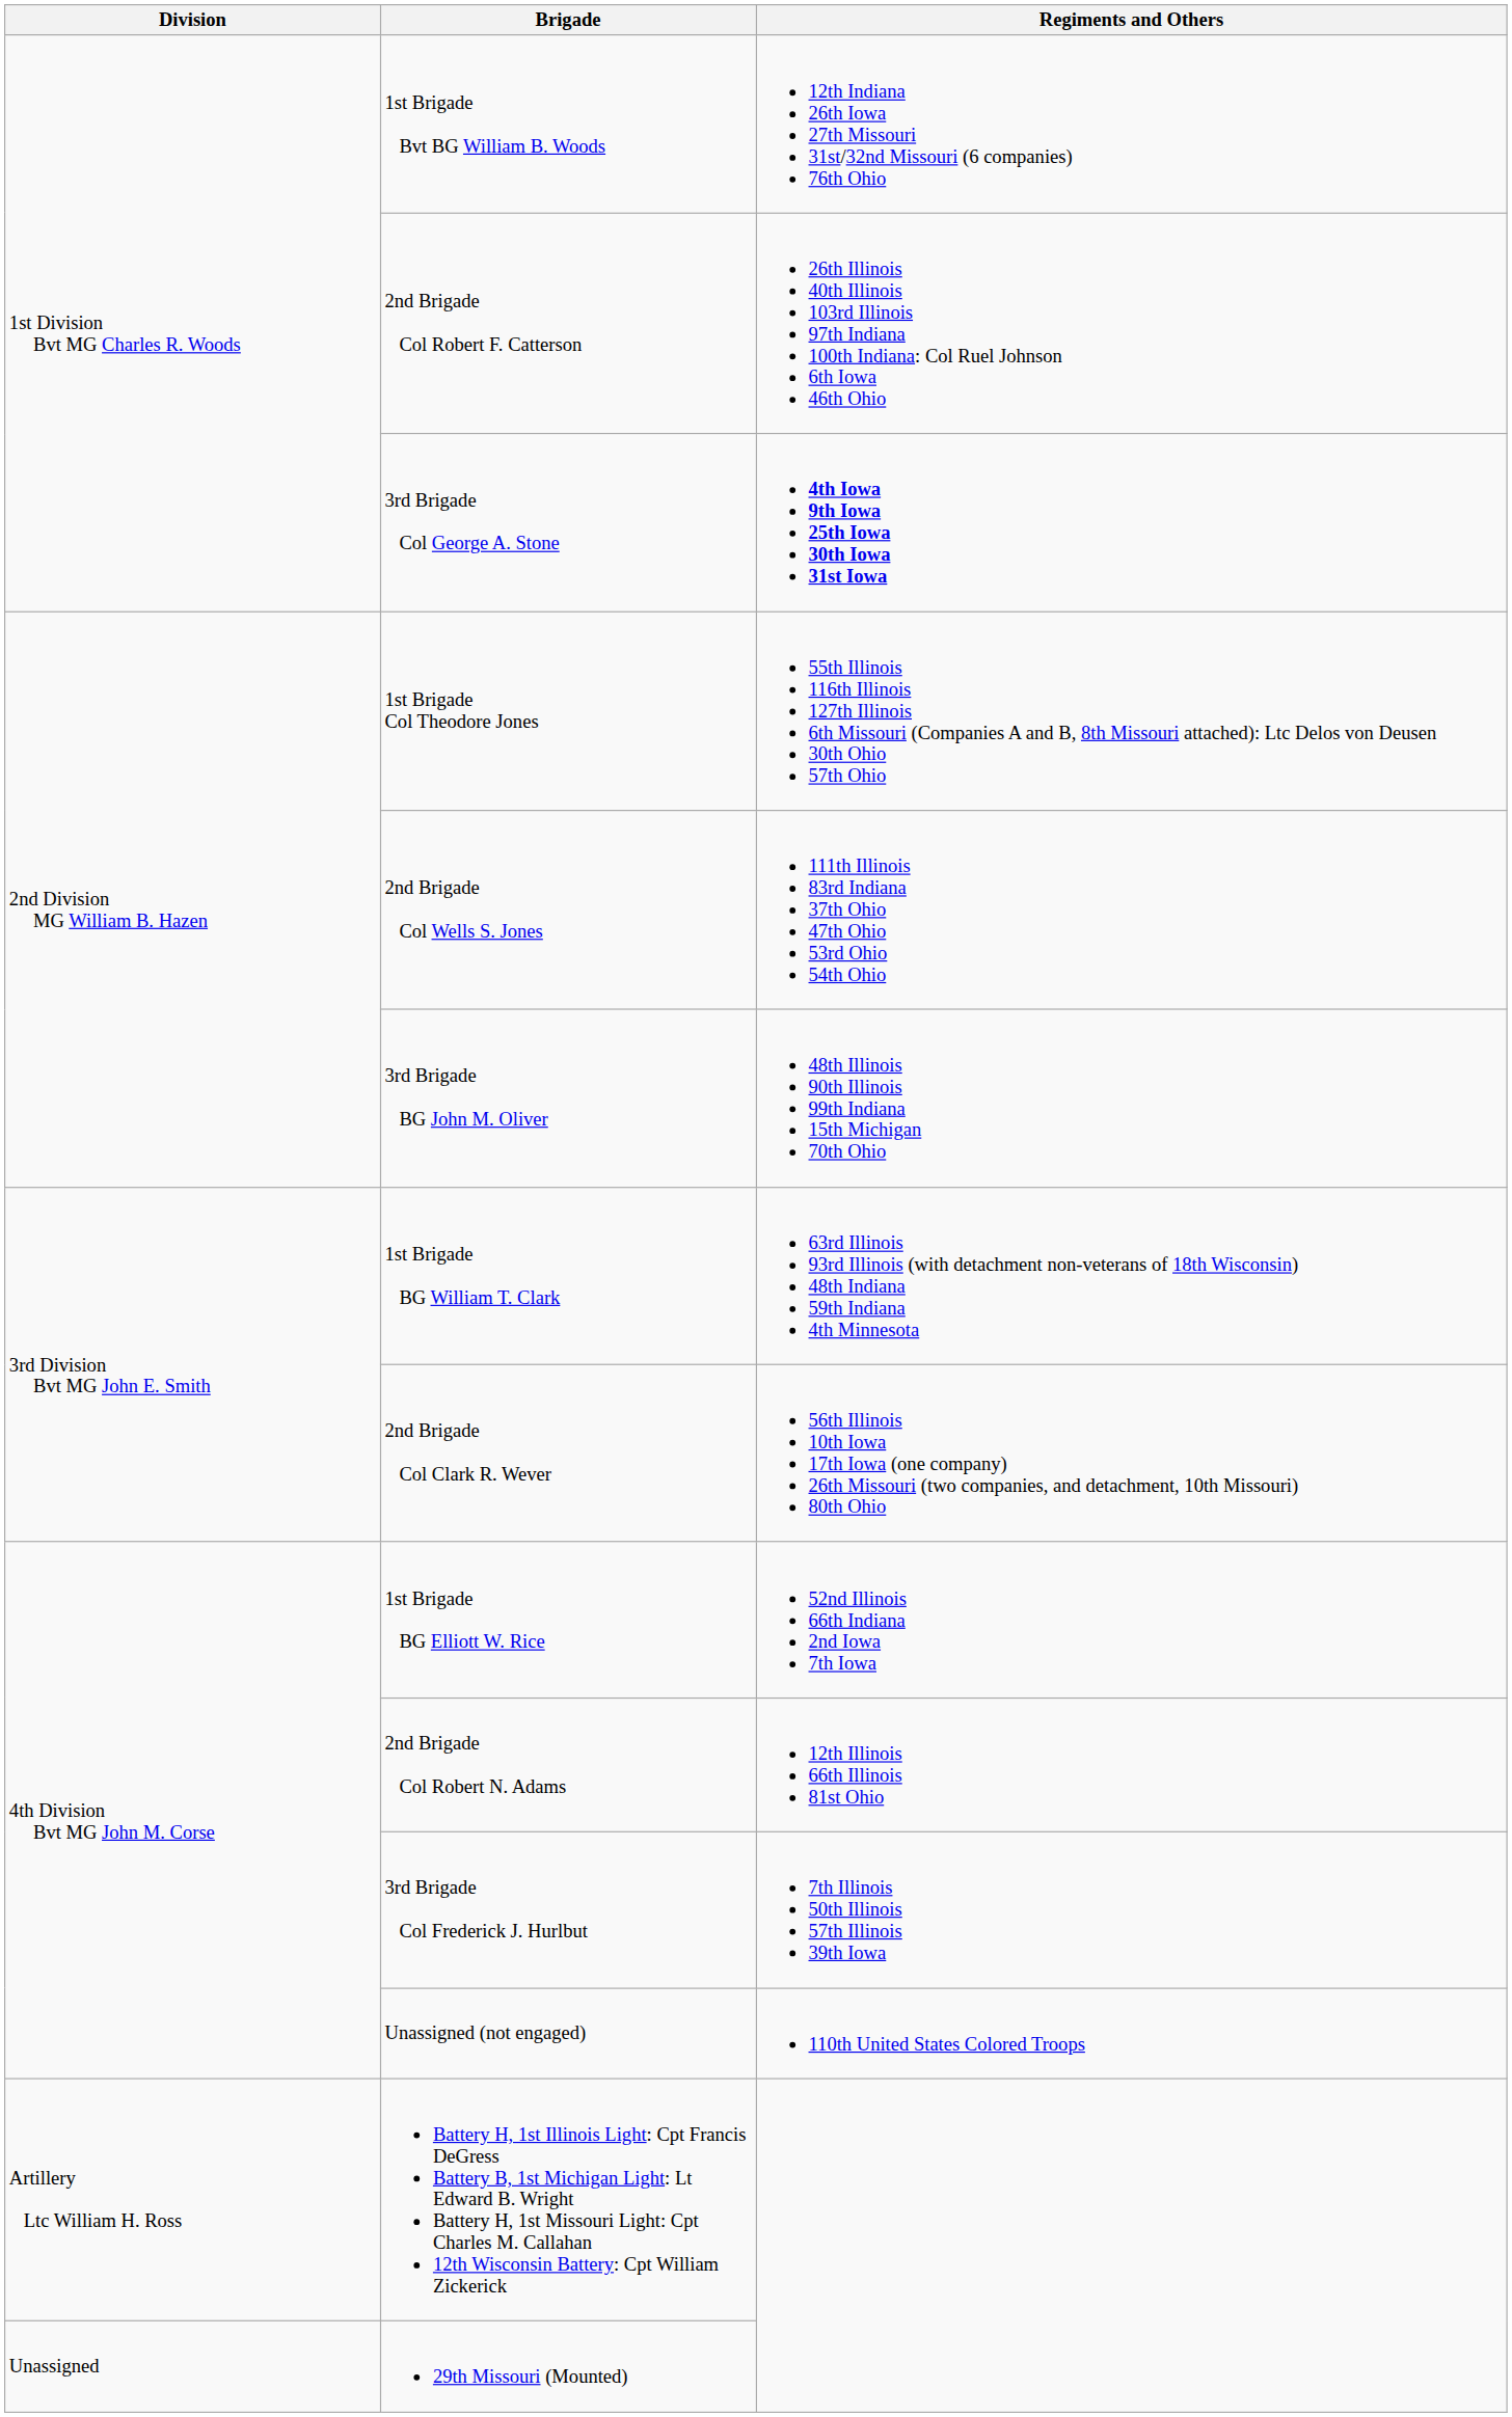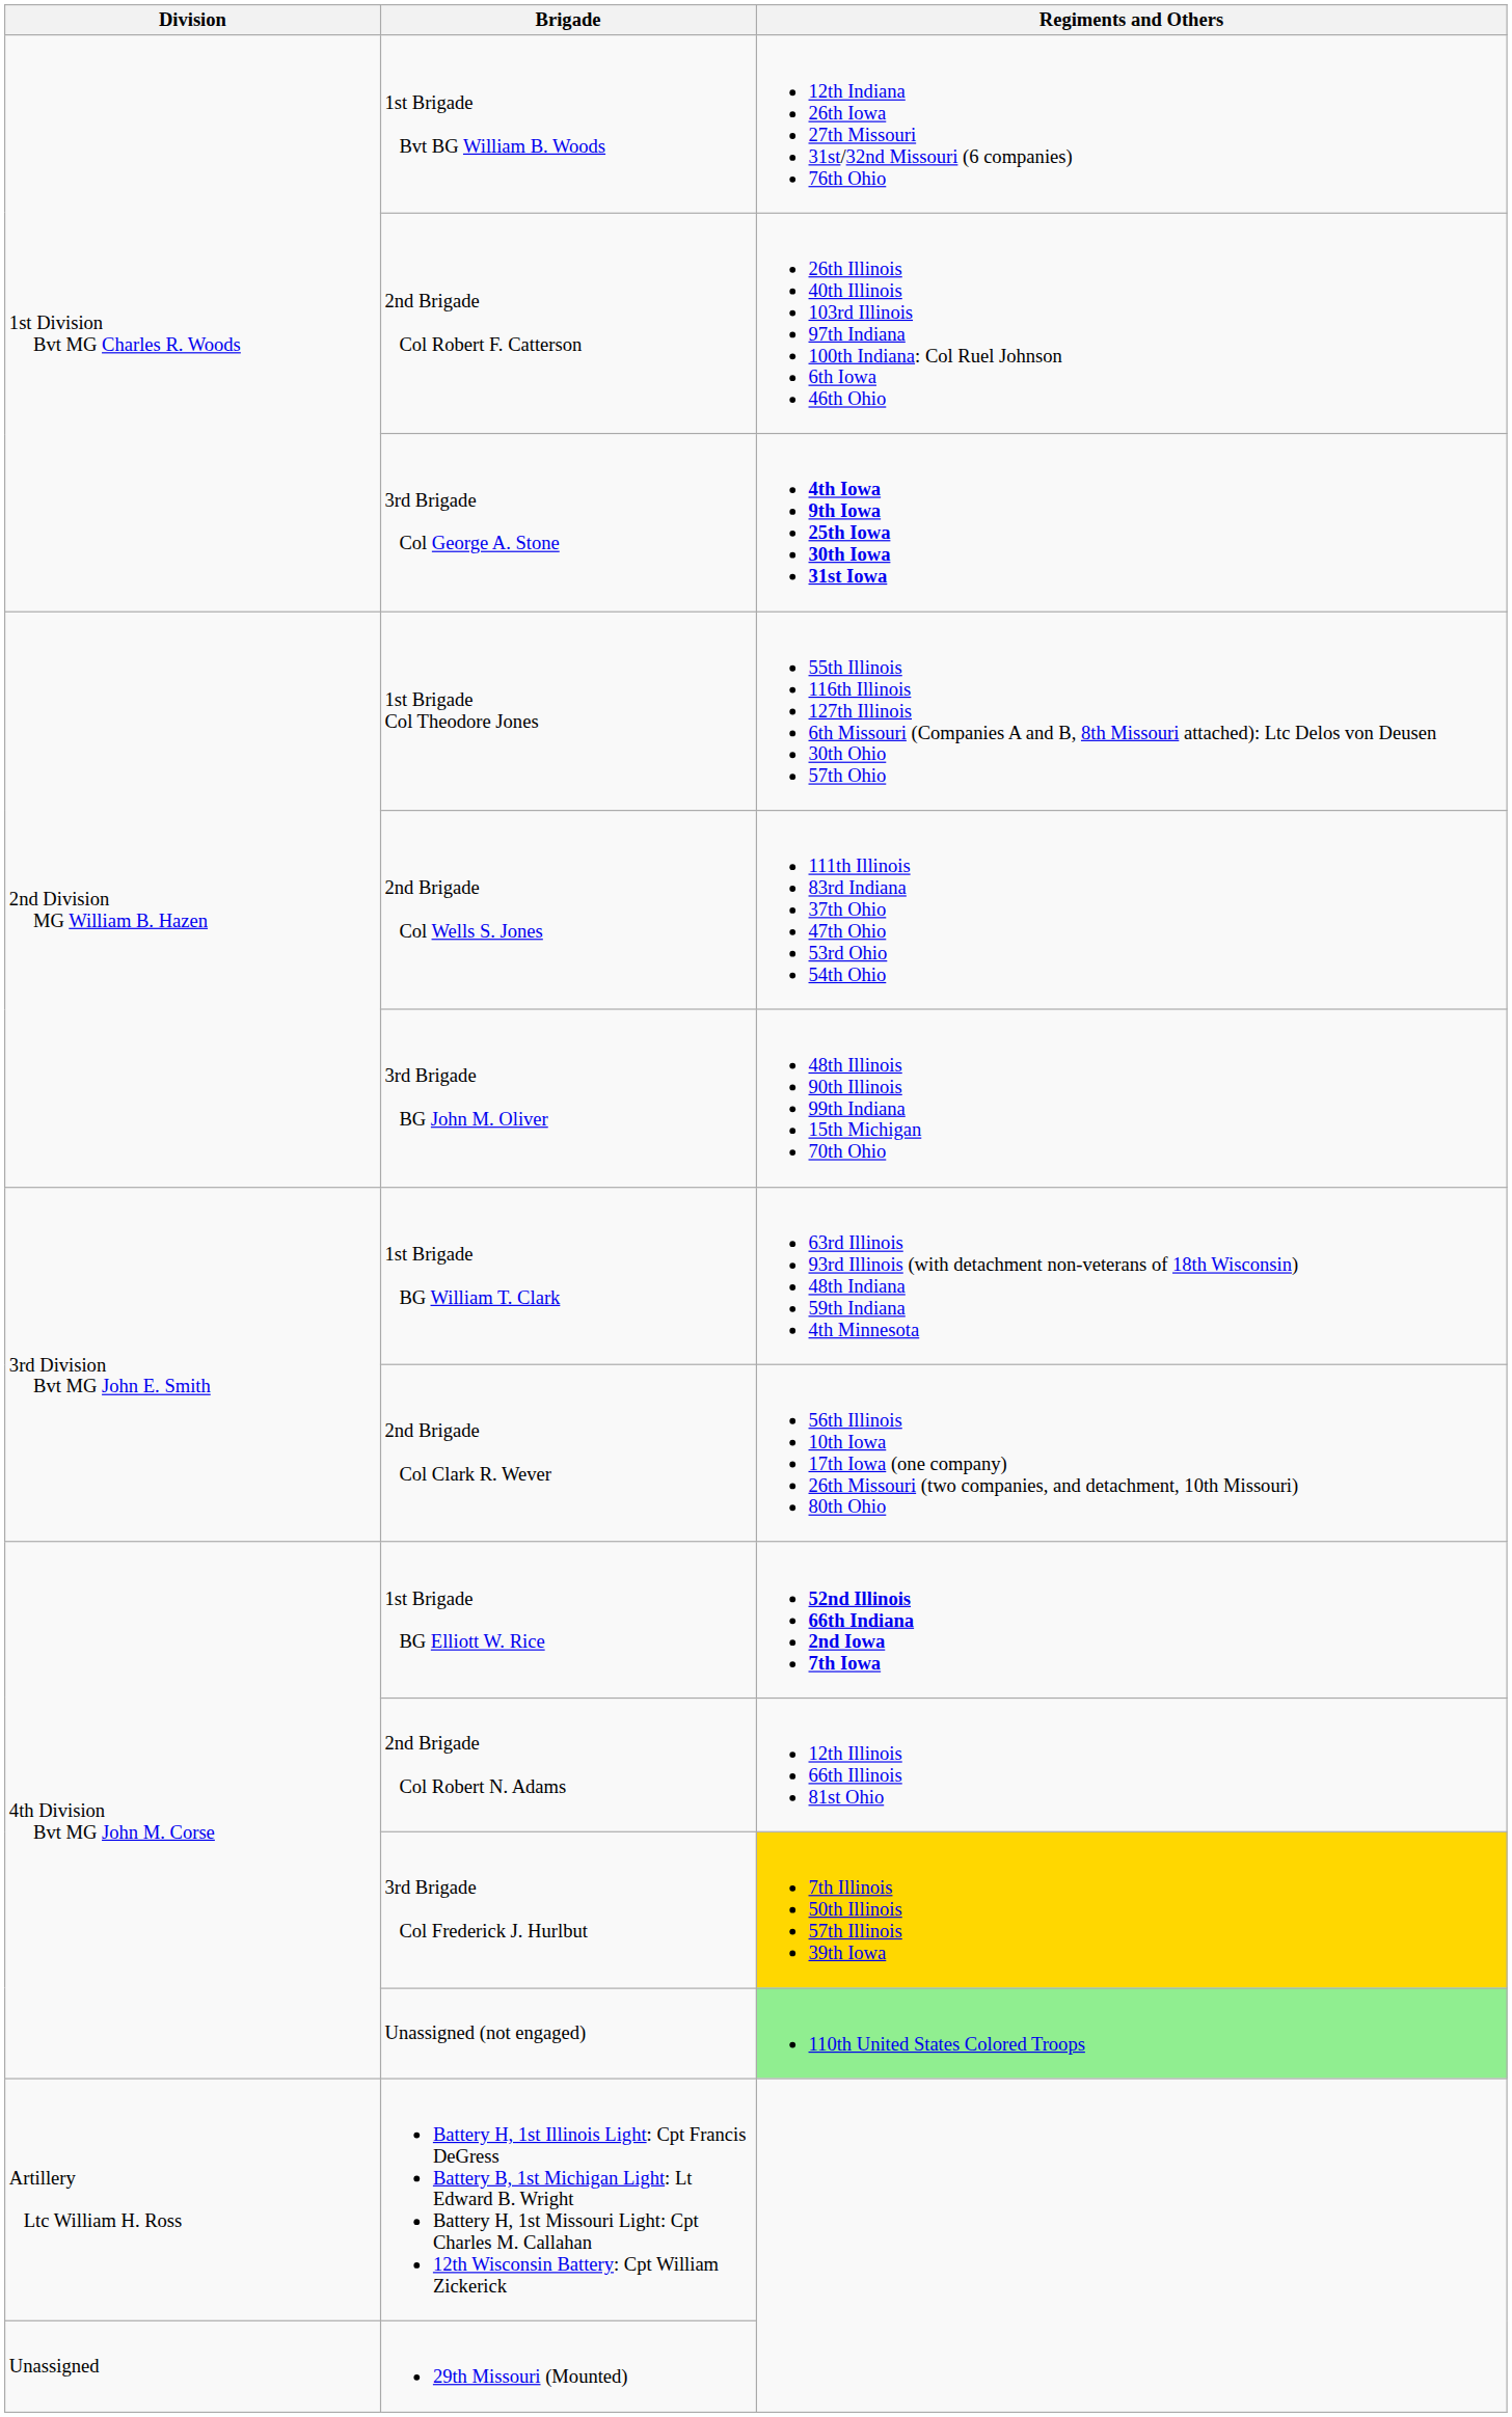 <table class="wikitable">
 <tr>
 <th width=25%>Division</th>
 <th width=25%>Brigade</th>
 <th>Regiments and Others</th>
 </tr>
 <tr>
 <td rowspan=3><br>1st Division <br>     Bvt MG <a href='#'>Charles R. Woods</a></td>
 <td>1st Brigade<br><br>   Bvt BG <a href='#'>William B. Woods</a></td>
 <td><br><ul><li><a href='#'>12th Indiana</a></li><li><a href='#'>26th Iowa</a></li><li><a href='#'>27th Missouri</a></li><li><a href='#'>31st</a>/<a href='#'>32nd Missouri</a> (6 companies)</li><li><a href='#'>76th Ohio</a></li></ul></td>
 </tr>
 <tr>
 <td>2nd Brigade<br><br>   Col Robert F. Catterson</td>
 <td><br><ul><li><a href='#'>26th Illinois</a></li><li><a href='#'>40th Illinois</a></li><li><a href='#'>103rd Illinois</a></li><li><a href='#'>97th Indiana</a></li><li><a href='#'>100th Indiana</a>: Col Ruel Johnson</li><li><a href='#'>6th Iowa</a></li><li><a href='#'>46th Ohio</a></li></ul></td>
 </tr>
 <tr>
 <td>3rd Brigade<br><br>   Col <a href='#'>George A. Stone</a></td>
 <td><strong><br><ul><li><a href='#'>4th Iowa</a></li><li><a href='#'>9th Iowa</a></li><li><a href='#'>25th Iowa</a></li><li><a href='#'>30th Iowa</a></li><li><a href='#'>31st Iowa</a></li></ul></strong></td>
 </tr>
 <tr>
 <td rowspan=3><br>2nd Division <br>     MG <a href='#'>William B. Hazen</a></td>
 <td>1st Brigade<br>Col Theodore Jones</td>
 <td><br><ul><li><a href='#'>55th Illinois</a></li><li><a href='#'>116th Illinois</a></li><li><a href='#'>127th Illinois</a></li><li><a href='#'>6th Missouri</a> (Companies A and B, <a href='#'>8th Missouri</a> attached): Ltc Delos von Deusen</li><li><a href='#'>30th Ohio</a></li><li><a href='#'>57th Ohio</a></li></ul></td>
 </tr>
 <tr>
 <td>2nd Brigade<br><br>   Col <a href='#'>Wells S. Jones</a></td>
 <td><br><ul><li><a href='#'>111th Illinois</a></li><li><a href='#'>83rd Indiana</a></li><li><a href='#'>37th Ohio</a></li><li><a href='#'>47th Ohio</a></li><li><a href='#'>53rd Ohio</a></li><li><a href='#'>54th Ohio</a></li></ul></td>
 </tr>
 <tr>
 <td>3rd Brigade<br><br>   BG <a href='#'>John M. Oliver</a></td>
 <td><br><ul><li><a href='#'>48th Illinois</a></li><li><a href='#'>90th Illinois</a></li><li><a href='#'>99th Indiana</a></li><li><a href='#'>15th Michigan</a></li><li><a href='#'>70th Ohio</a></li></ul></td>
 </tr>
 <tr>
 <td rowspan=2><br>3rd Division <br>     Bvt MG <a href='#'>John E. Smith</a></td>
 <td>1st Brigade<br><br>   BG <a href='#'>William T. Clark</a></td>
 <td><br><ul><li><a href='#'>63rd Illinois</a></li><li><a href='#'>93rd Illinois</a> (with detachment non-veterans of <a href='#'>18th Wisconsin</a>)</li><li><a href='#'>48th Indiana</a></li><li><a href='#'>59th Indiana</a></li><li><a href='#'>4th Minnesota</a></li></ul></td>
 </tr>
 <tr>
 <td>2nd Brigade<br><br>   Col Clark R. Wever</td>
 <td><br><ul><li><a href='#'>56th Illinois</a></li><li><a href='#'>10th Iowa</a></li><li><a href='#'>17th Iowa</a> (one company)</li><li><a href='#'>26th Missouri</a> (two companies, and detachment, 10th Missouri)</li><li><a href='#'>80th Ohio</a></li></ul></td>
 </tr>
 <tr>
 <td rowspan=4><br>4th Division <br>     Bvt MG <a href='#'>John M. Corse</a></td>
 <td>1st Brigade<br><br>   BG <a href='#'>Elliott W. Rice</a></td>
-<td><br><ul><li><a href='#'>52nd Illinois</a></li><li><a href='#'>66th Indiana</a></li><li><a href='#'>2nd Iowa</a></li><li><a href='#'>7th Iowa</a></li></ul></td>
+<td><strong><br><ul><li><a href='#'>52nd Illinois</a></li><li><a href='#'>66th Indiana</a></li><li><a href='#'>2nd Iowa</a></li><li><a href='#'>7th Iowa</a></li></ul></strong></td>
 </tr>
 <tr>
 <td>2nd Brigade<br><br>   Col Robert N. Adams</td>
 <td><br><ul><li><a href='#'>12th Illinois</a></li><li><a href='#'>66th Illinois</a></li><li><a href='#'>81st Ohio</a></li></ul></td>
 </tr>
 <tr>
 <td>3rd Brigade<br><br>   Col Frederick J. Hurlbut</td>
-<td><br><ul><li><a href='#'>7th Illinois</a></li><li><a href='#'>50th Illinois</a></li><li><a href='#'>57th Illinois</a></li><li><a href='#'>39th Iowa</a></li></ul></td>
+<td style="background: gold;"><br><ul><li><a href='#'>7th Illinois</a></li><li><a href='#'>50th Illinois</a></li><li><a href='#'>57th Illinois</a></li><li><a href='#'>39th Iowa</a></li></ul></td>
 </tr>
 <tr>
 <td>Unassigned (not engaged)</td>
-<td><br><ul><li><a href='#'>110th United States Colored Troops</a></li></ul></td>
+<td style="background: lightgreen;"><br><ul><li><a href='#'>110th United States Colored Troops</a></li></ul></td>
 </tr>
 <tr>
 <td>Artillery<br><br>   Ltc William H. Ross</td>
 <td><br><ul><li><a href='#'>Battery H, 1st Illinois Light</a>: Cpt Francis DeGress</li><li><a href='#'>Battery B, 1st Michigan Light</a>: Lt Edward B. Wright</li><li>Battery H, 1st Missouri Light: Cpt Charles M. Callahan</li><li><a href='#'>12th Wisconsin Battery</a>: Cpt William Zickerick</li></ul></td>
 </tr>
 <tr>
 <td>Unassigned</td>
 <td><br><ul><li><a href='#'>29th Missouri</a> (Mounted)</li></ul></td>
 </tr>
 </table>
